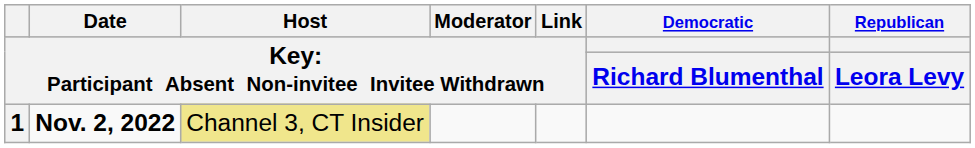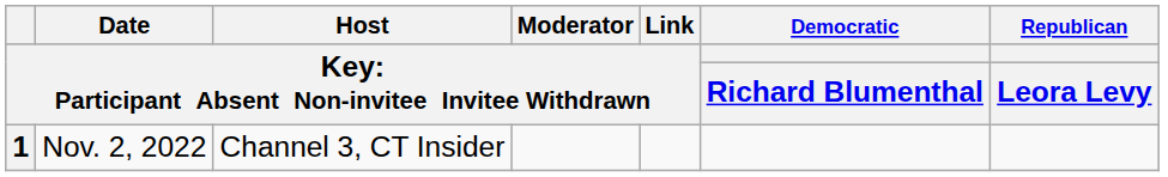 <table class="wikitable" style="text-align:center;">
 <tr style="font-size:small;">
 <th scope="col"></th>
 <th scope="col">Date</th>
 <th scope="col">Host</th>
 <th scope="col">Moderator</th>
 <th scope="col">Link</th>
 <th scope="col"><small><a href='#'>Democratic</a></small></th>
 <th scope="col"><small><a href='#'>Republican</a></small></th>
 </tr>
 <tr>
 <th colspan="5" rowspan="2">Key:<br> <small>Participant </small>  <small>Absent </small>  <small>Non-invitee </small>  <small>Invitee  Withdrawn</small></th>
 <th scope="col" style="background:"></th>
 <th scope="col" style="background:"></th>
 </tr>
 <tr>
 <th scope="col"><a href='#'>Richard Blumenthal</a></th>
 <th scope="col"><a href='#'>Leora Levy</a></th>
 </tr>
 <tr>
 <th scope="row">1</th>
-<td style="white-space:nowrap;"><strong>Nov. 2, 2022</strong></td>
-<td style="background: khaki; white-space:nowrap;">Channel 3, CT Insider</td>
+<td style="white-space:nowrap;">Nov. 2, 2022</td>
+<td style="white-space:nowrap;">Channel 3, CT Insider</td>
 <td style="white-space:nowrap;"></td>
 <td style="white-space:nowrap;"></td>
 <td></td>
 <td></td>
 </tr>
 </table>
